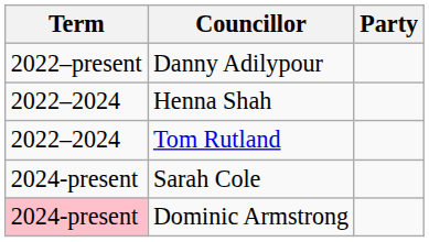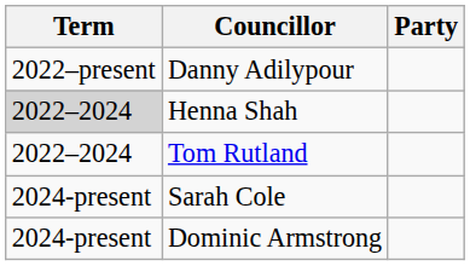 <table class="wikitable">
 <tr>
 <th>Term</th>
 <th>Councillor</th>
 <th colspan=2>Party</th>
 </tr>
 <tr>
 <td>2022–present</td>
 <td>Danny Adilypour</td>
 <td></td>
 </tr>
 <tr>
-<td>2022–2024</td>
+<td style="background: lightgrey;">2022–2024</td>
 <td>Henna Shah</td>
 <td></td>
 </tr>
 <tr>
 <td>2022–2024</td>
 <td><a href='#'>Tom Rutland</a></td>
 <td></td>
 </tr>
 <tr>
 <td>2024-present</td>
 <td>Sarah Cole</td>
 <td></td>
 </tr>
 <tr>
-<td style="background: pink;">2024-present</td>
+<td>2024-present</td>
 <td>Dominic Armstrong</td>
 <td></td>
 </tr>
 </table>
